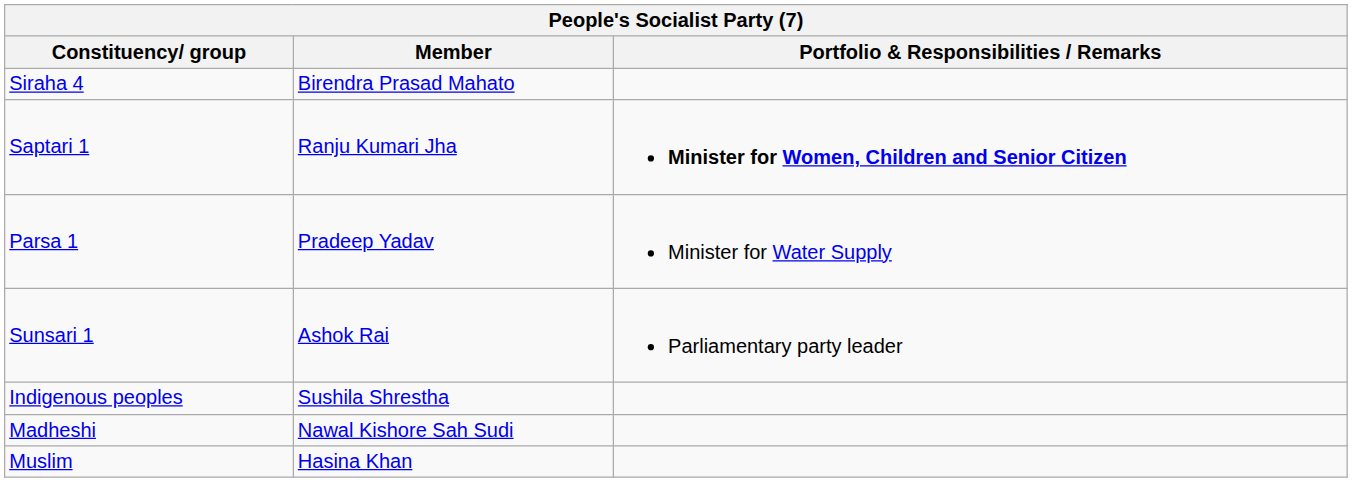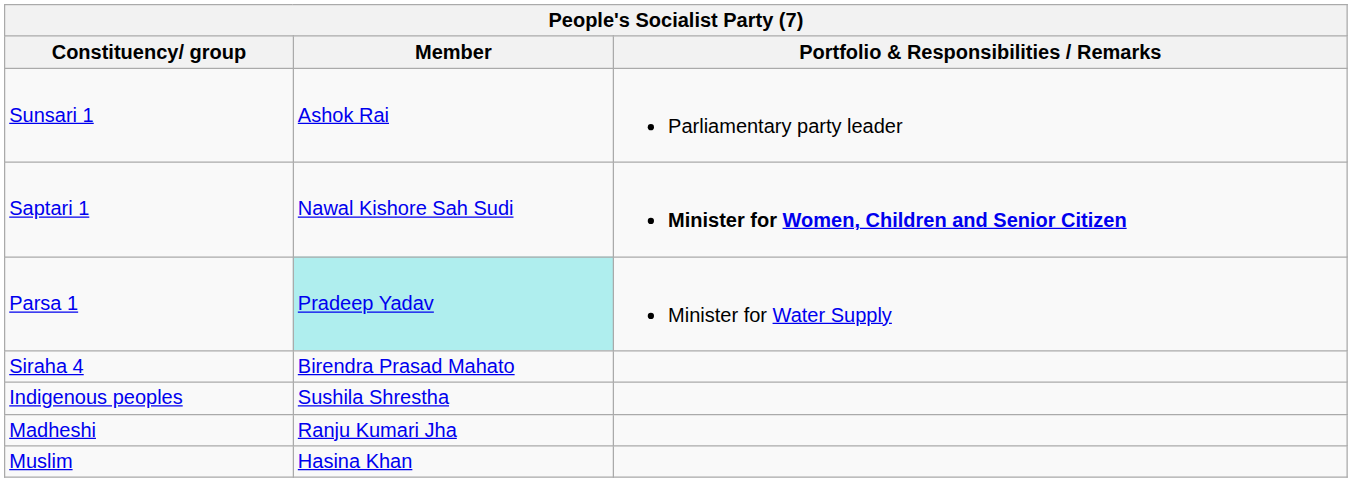 <table class="wikitable sortable mw-collapsible">
 <tr>
 <th colspan="3" style="width: 800pt; background:">People's Socialist Party (7)</th>
 </tr>
 <tr>
 <th style="background-color:">Constituency/ group</th>
 <th style="background-color:">Member</th>
 <th style="background-color:">Portfolio & Responsibilities / Remarks</th>
 </tr>
 <tr>
-<td><a href='#'>Siraha 4</a></td>
-<td><a href='#'>Birendra Prasad Mahato</a></td>
-<td></td>
+<td><a href='#'>Sunsari 1</a></td>
+<td><a href='#'>Ashok Rai</a></td>
+<td><br><ul><li>Parliamentary party leader</li></ul></td>
 </tr>
 <tr>
 <td><a href='#'>Saptari 1</a></td>
-<td><a href='#'>Ranju Kumari Jha</a></td>
+<td><a href='#'>Nawal Kishore Sah Sudi</a></td>
 <td><strong><br><ul><li>Minister for <a href='#'>Women, Children and Senior Citizen</a></li></ul></strong></td>
 </tr>
 <tr>
 <td><a href='#'>Parsa 1</a></td>
-<td><a href='#'>Pradeep Yadav</a></td>
+<td style="background: paleturquoise;"><a href='#'>Pradeep Yadav</a></td>
 <td><br><ul><li>Minister for <a href='#'>Water Supply</a></li></ul></td>
 </tr>
 <tr>
-<td><a href='#'>Sunsari 1</a></td>
-<td><a href='#'>Ashok Rai</a></td>
-<td><br><ul><li>Parliamentary party leader</li></ul></td>
+<td><a href='#'>Siraha 4</a></td>
+<td><a href='#'>Birendra Prasad Mahato</a></td>
+<td></td>
 </tr>
 <tr>
 <td><a href='#'>Indigenous peoples</a></td>
 <td><a href='#'>Sushila Shrestha</a></td>
 <td></td>
 </tr>
 <tr>
 <td><a href='#'>Madheshi</a></td>
-<td><a href='#'>Nawal Kishore Sah Sudi</a></td>
+<td><a href='#'>Ranju Kumari Jha</a></td>
 <td></td>
 </tr>
 <tr>
 <td><a href='#'>Muslim</a></td>
 <td><a href='#'>Hasina Khan</a></td>
 <td></td>
 </tr>
 </table>
